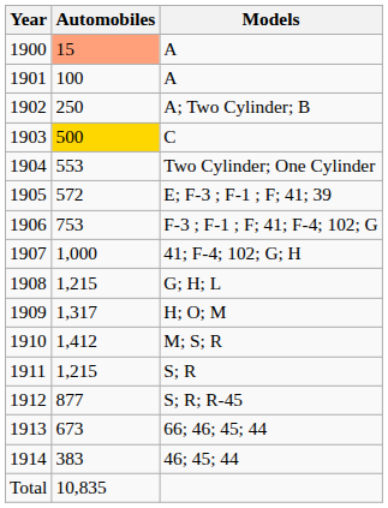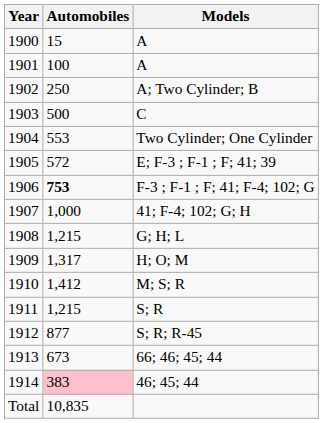 <table class="wikitable sortable">
 <tr>
 <th>Year</th>
 <th>Automobiles</th>
 <th>Models</th>
 </tr>
 <tr>
 <td>1900</td>
-<td style="background: lightsalmon;">15</td>
+<td>15</td>
 <td>A</td>
 </tr>
 <tr>
 <td>1901</td>
 <td>100</td>
 <td>A</td>
 </tr>
 <tr>
 <td>1902</td>
 <td>250</td>
 <td>A; Two Cylinder; B</td>
 </tr>
 <tr>
 <td>1903</td>
-<td style="background: gold;">500</td>
+<td>500</td>
 <td>C</td>
 </tr>
 <tr>
 <td>1904</td>
 <td>553</td>
 <td>Two Cylinder; One Cylinder</td>
 </tr>
 <tr>
 <td>1905</td>
 <td>572</td>
 <td>E; F-3 ; F-1 ; F; 41; 39</td>
 </tr>
 <tr>
 <td>1906</td>
-<td>753</td>
+<td><strong>753</strong></td>
 <td>F-3 ; F-1 ; F; 41; F-4; 102; G</td>
 </tr>
 <tr>
 <td>1907</td>
 <td>1,000</td>
 <td>41; F-4; 102; G; H</td>
 </tr>
 <tr>
 <td>1908</td>
 <td>1,215</td>
 <td>G; H; L</td>
 </tr>
 <tr>
 <td>1909</td>
 <td>1,317</td>
 <td>H; O; M</td>
 </tr>
 <tr>
 <td>1910</td>
 <td>1,412</td>
 <td>M; S; R</td>
 </tr>
 <tr>
 <td>1911</td>
 <td>1,215</td>
 <td>S; R</td>
 </tr>
 <tr>
 <td>1912</td>
 <td>877</td>
 <td>S; R; R-45</td>
 </tr>
 <tr>
 <td>1913</td>
 <td>673</td>
 <td>66; 46; 45; 44</td>
 </tr>
 <tr>
 <td>1914</td>
-<td>383</td>
+<td style="background: pink;">383</td>
 <td>46; 45; 44</td>
 </tr>
 <tr>
 <td>Total</td>
 <td>10,835</td>
 </tr>
 </table>
